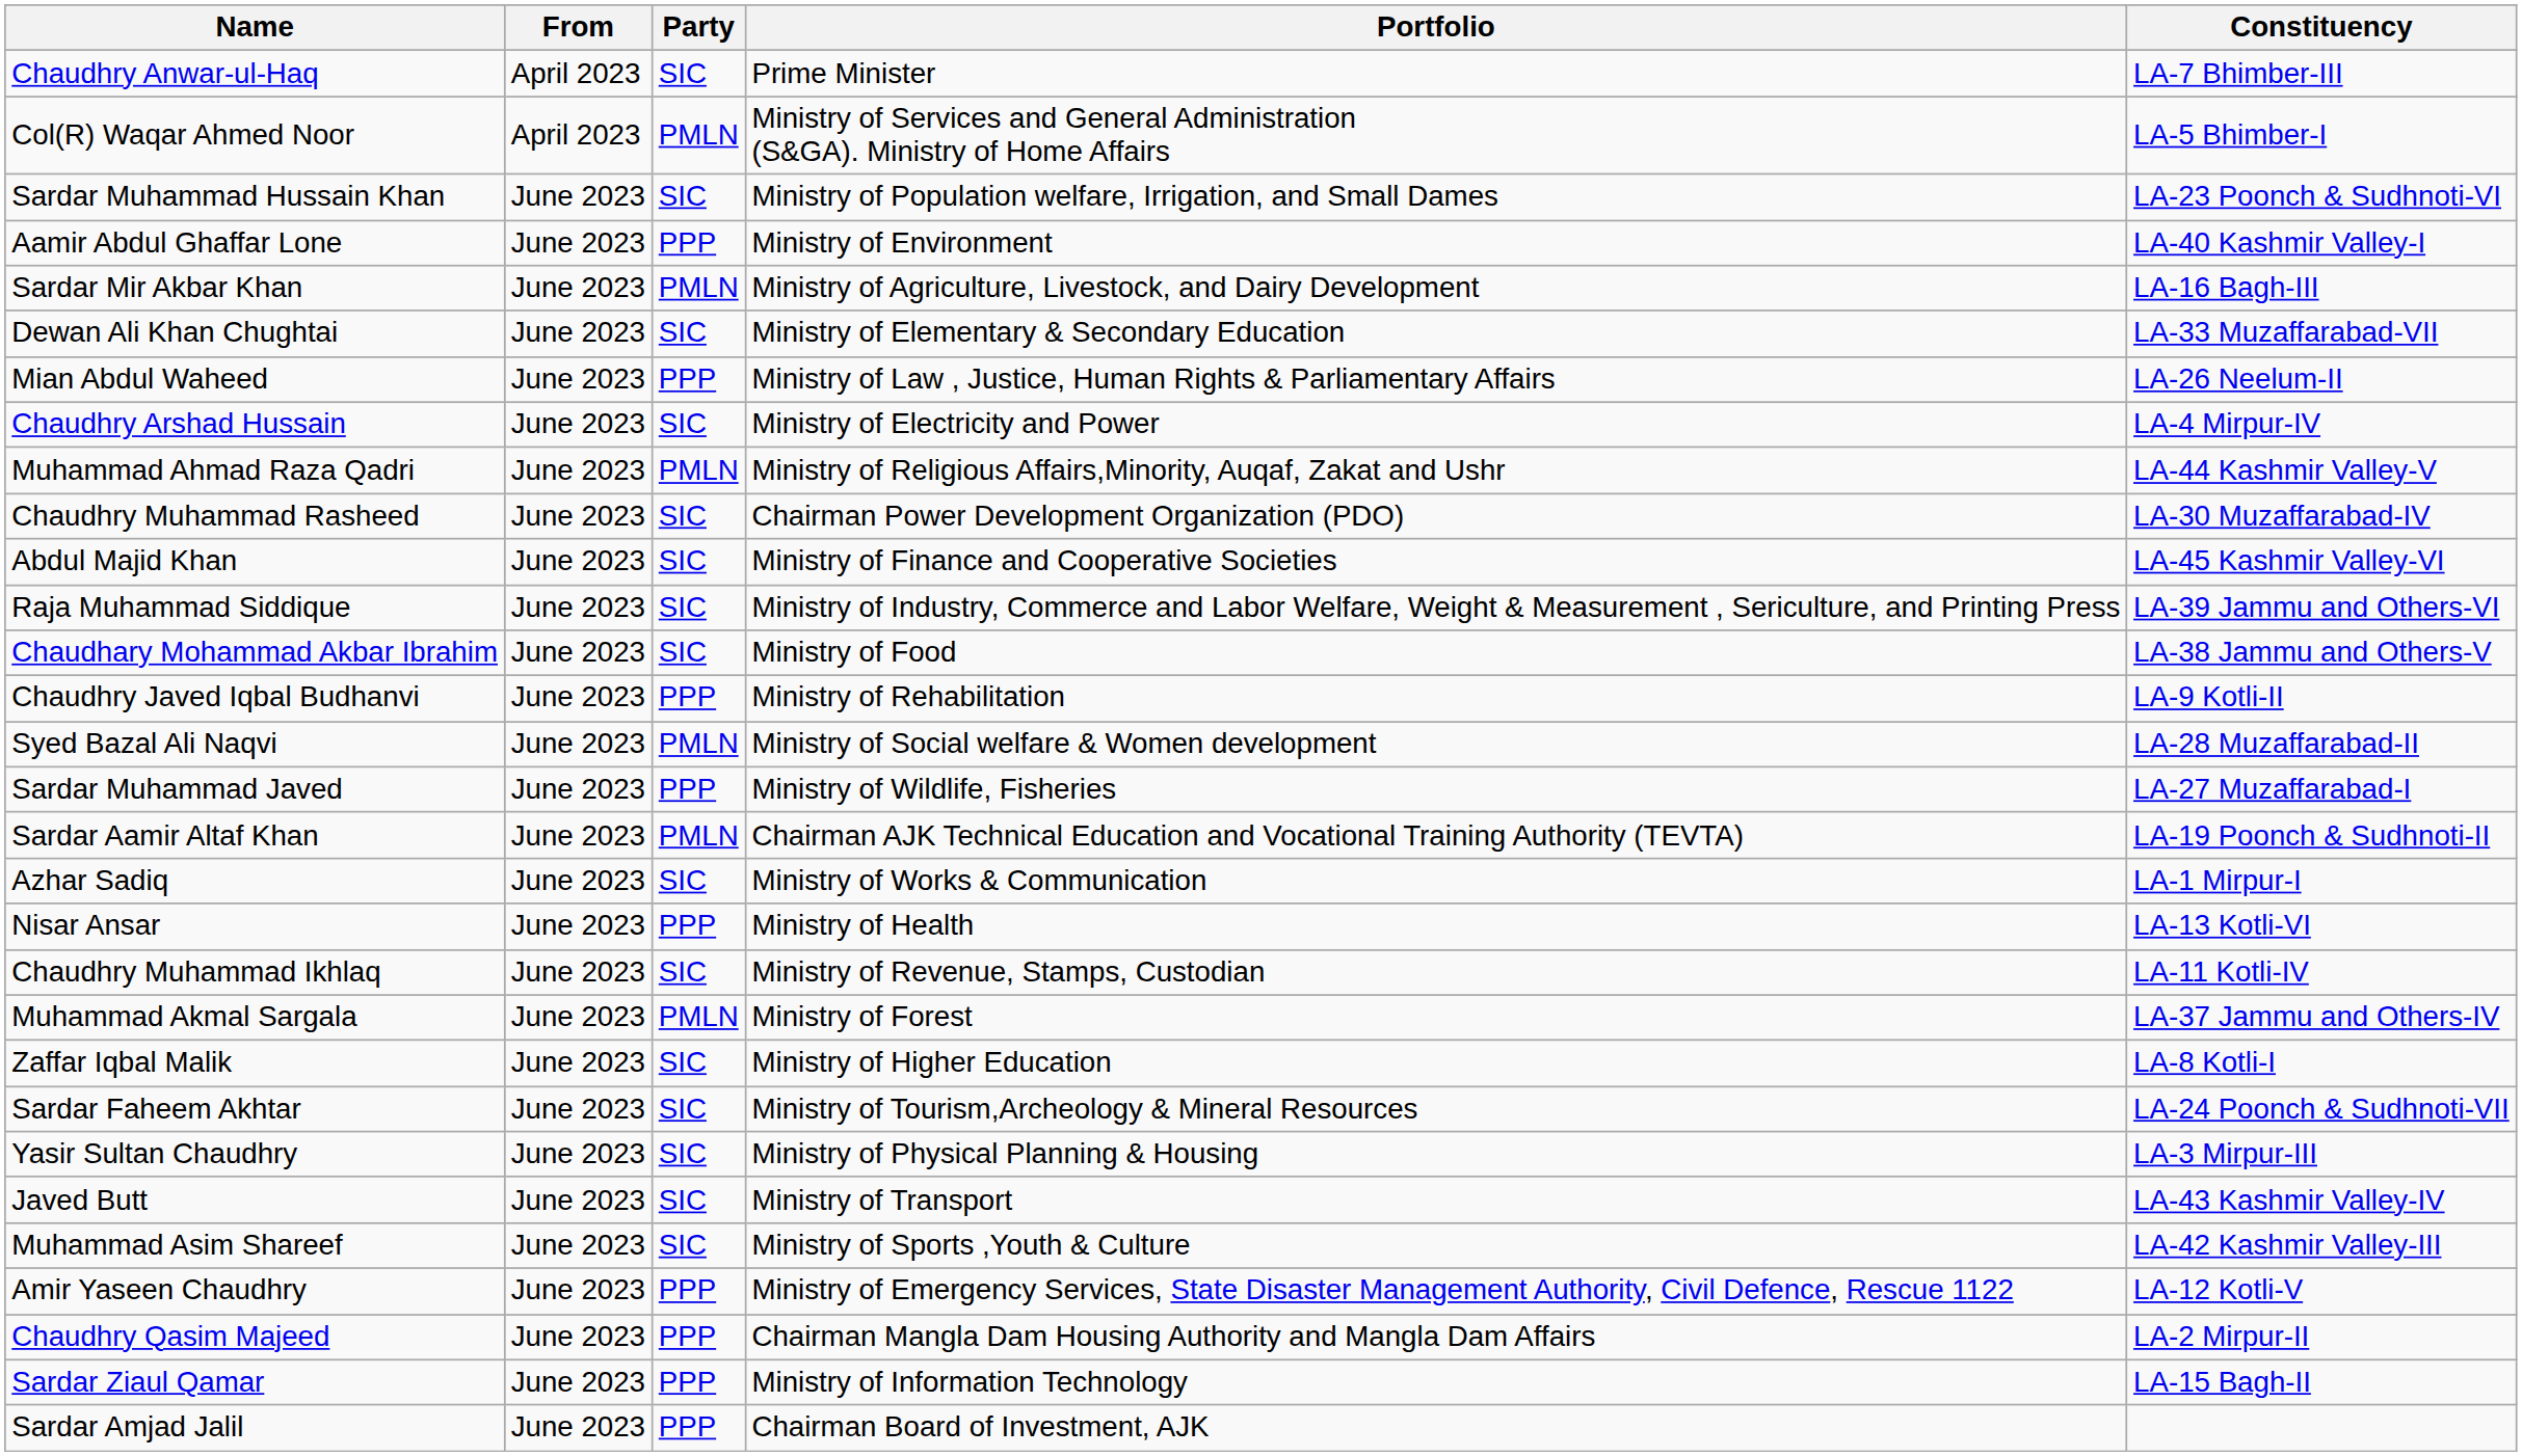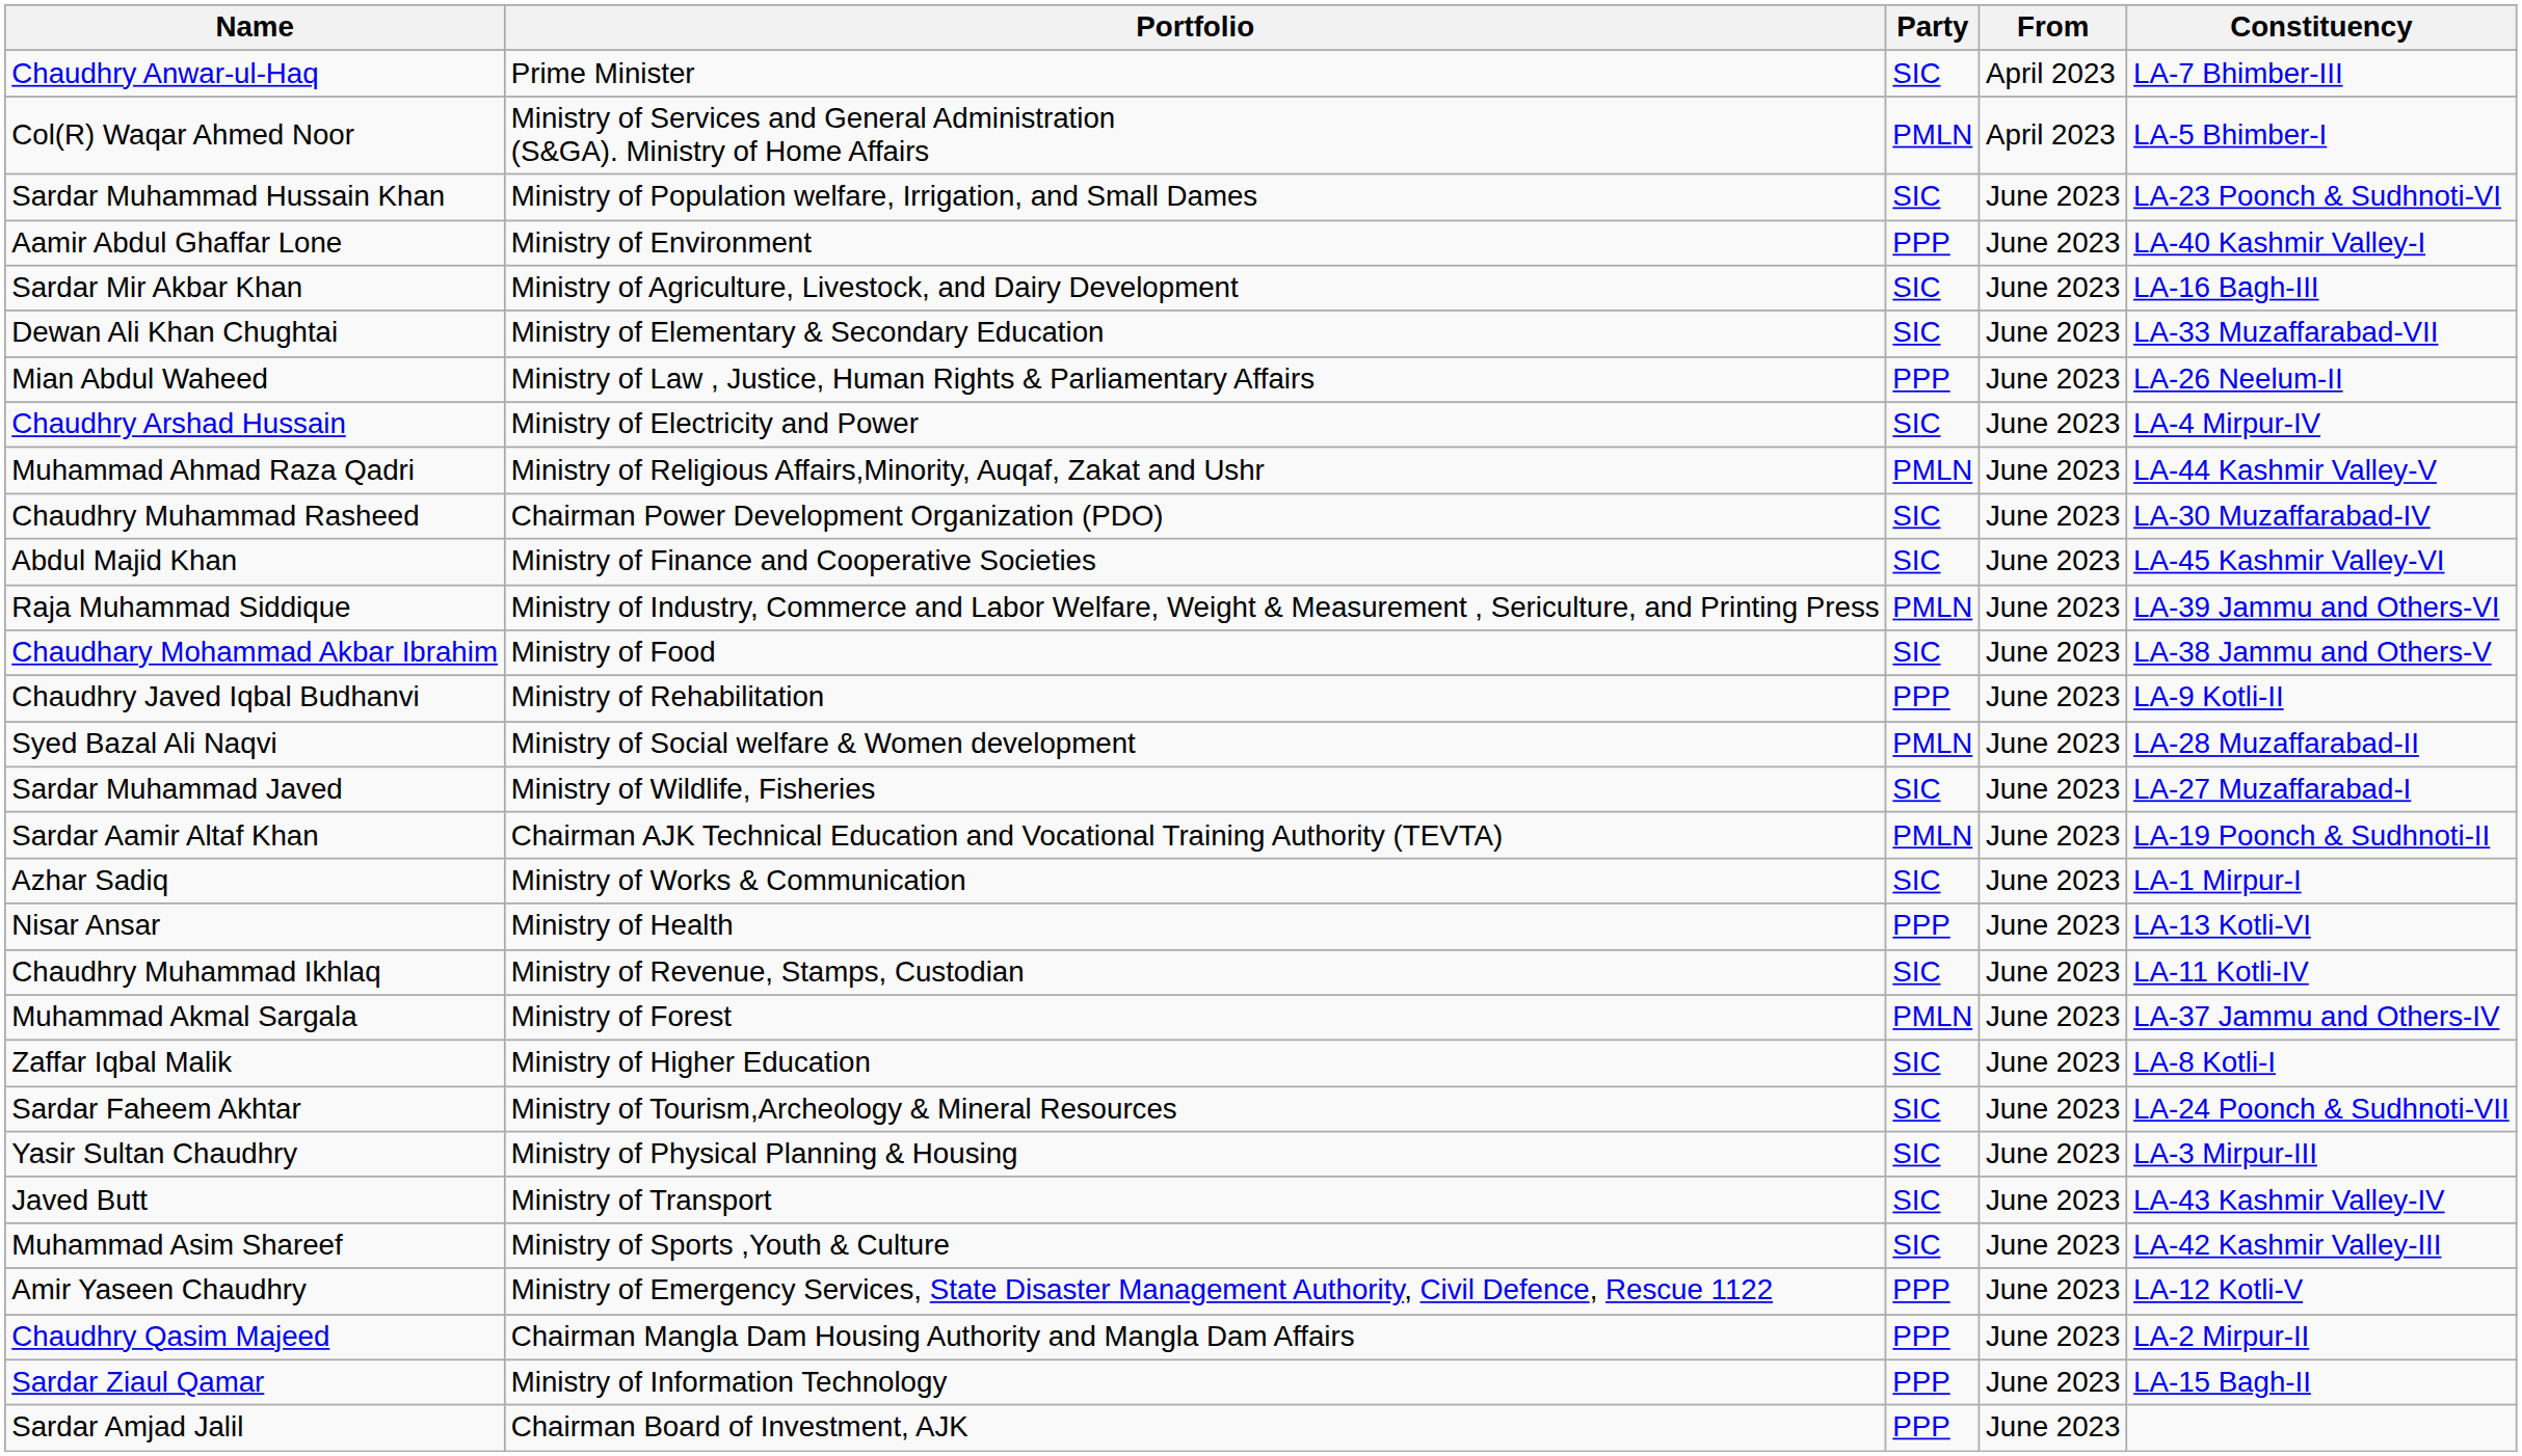 <table class="wikitable">
 <tr>
 <th>Name</th>
+<th>Portfolio</th>
+<th>Party</th>
 <th>From</th>
-<th>Party</th>
-<th>Portfolio</th>
 <th>Constituency</th>
 </tr>
 <tr>
 <td><a href='#'>Chaudhry Anwar-ul-Haq</a></td>
+<td>Prime Minister</td>
+<td><a href='#'>SIC</a></td>
 <td>April 2023</td>
-<td><a href='#'>SIC</a></td>
-<td>Prime Minister</td>
 <td><a href='#'>LA-7 Bhimber-III</a></td>
 </tr>
 <tr>
 <td>Col(R) Waqar Ahmed Noor</td>
+<td>Ministry of Services and General Administration<br>(S&GA). Ministry of Home Affairs</td>
+<td><a href='#'>PMLN</a></td>
 <td>April 2023</td>
-<td><a href='#'>PMLN</a></td>
-<td>Ministry of Services and General Administration<br>(S&GA). Ministry of Home Affairs</td>
 <td><a href='#'>LA-5 Bhimber-I</a></td>
 </tr>
 <tr>
 <td>Sardar Muhammad Hussain Khan</td>
+<td>Ministry of Population welfare, Irrigation, and Small Dames</td>
+<td><a href='#'>SIC</a></td>
 <td>June 2023</td>
-<td><a href='#'>SIC</a></td>
-<td>Ministry of Population welfare, Irrigation, and Small Dames</td>
 <td><a href='#'>LA-23 Poonch & Sudhnoti-VI</a></td>
 </tr>
 <tr>
 <td>Aamir Abdul Ghaffar Lone</td>
+<td>Ministry of Environment</td>
+<td><a href='#'>PPP</a></td>
 <td>June 2023</td>
-<td><a href='#'>PPP</a></td>
-<td>Ministry of Environment</td>
 <td><a href='#'>LA-40 Kashmir Valley-I</a></td>
 </tr>
 <tr>
 <td>Sardar Mir Akbar Khan</td>
+<td>Ministry of Agriculture, Livestock, and Dairy Development</td>
+<td><a href='#'>SIC</a></td>
 <td>June 2023</td>
-<td><a href='#'>PMLN</a></td>
-<td>Ministry of Agriculture, Livestock, and Dairy Development</td>
 <td><a href='#'>LA-16 Bagh-III</a></td>
 </tr>
 <tr>
 <td>Dewan Ali Khan Chughtai</td>
+<td>Ministry of Elementary & Secondary Education</td>
+<td><a href='#'>SIC</a></td>
 <td>June 2023</td>
-<td><a href='#'>SIC</a></td>
-<td>Ministry of Elementary & Secondary Education</td>
 <td><a href='#'>LA-33 Muzaffarabad-VII</a></td>
 </tr>
 <tr>
 <td>Mian Abdul Waheed</td>
+<td>Ministry of Law , Justice, Human Rights & Parliamentary Affairs</td>
+<td><a href='#'>PPP</a></td>
 <td>June 2023</td>
-<td><a href='#'>PPP</a></td>
-<td>Ministry of Law , Justice, Human Rights & Parliamentary Affairs</td>
 <td><a href='#'>LA-26 Neelum-II</a></td>
 </tr>
 <tr>
 <td><a href='#'>Chaudhry Arshad Hussain</a></td>
+<td>Ministry of Electricity and Power</td>
+<td><a href='#'>SIC</a></td>
 <td>June 2023</td>
-<td><a href='#'>SIC</a></td>
-<td>Ministry of Electricity and Power</td>
 <td><a href='#'>LA-4 Mirpur-IV</a></td>
 </tr>
 <tr>
 <td>Muhammad Ahmad Raza Qadri</td>
+<td>Ministry of Religious Affairs,Minority, Auqaf, Zakat and Ushr</td>
+<td><a href='#'>PMLN</a></td>
 <td>June 2023</td>
-<td><a href='#'>PMLN</a></td>
-<td>Ministry of Religious Affairs,Minority, Auqaf, Zakat and Ushr</td>
 <td><a href='#'>LA-44 Kashmir Valley-V</a></td>
 </tr>
 <tr>
 <td>Chaudhry Muhammad Rasheed</td>
+<td>Chairman Power Development Organization (PDO)</td>
+<td><a href='#'>SIC</a></td>
 <td>June 2023</td>
-<td><a href='#'>SIC</a></td>
-<td>Chairman Power Development Organization (PDO)</td>
 <td><a href='#'>LA-30 Muzaffarabad-IV</a></td>
 </tr>
 <tr>
 <td>Abdul Majid Khan</td>
+<td>Ministry of Finance and Cooperative Societies</td>
+<td><a href='#'>SIC</a></td>
 <td>June 2023</td>
-<td><a href='#'>SIC</a></td>
-<td>Ministry of Finance and Cooperative Societies</td>
 <td><a href='#'>LA-45 Kashmir Valley-VI</a></td>
 </tr>
 <tr>
 <td>Raja Muhammad Siddique</td>
+<td>Ministry of Industry, Commerce and Labor Welfare, Weight & Measurement , Sericulture, and Printing Press</td>
+<td><a href='#'>PMLN</a></td>
 <td>June 2023</td>
-<td><a href='#'>SIC</a></td>
-<td>Ministry of Industry, Commerce and Labor Welfare, Weight & Measurement , Sericulture, and Printing Press</td>
 <td><a href='#'>LA-39 Jammu and Others-VI</a></td>
 </tr>
 <tr>
 <td><a href='#'>Chaudhary Mohammad Akbar Ibrahim</a></td>
+<td>Ministry of Food</td>
+<td><a href='#'>SIC</a></td>
 <td>June 2023</td>
-<td><a href='#'>SIC</a></td>
-<td>Ministry of Food</td>
 <td><a href='#'>LA-38 Jammu and Others-V</a></td>
 </tr>
 <tr>
 <td>Chaudhry Javed Iqbal Budhanvi</td>
+<td>Ministry of Rehabilitation</td>
+<td><a href='#'>PPP</a></td>
 <td>June 2023</td>
-<td><a href='#'>PPP</a></td>
-<td>Ministry of Rehabilitation</td>
 <td><a href='#'>LA-9 Kotli-II</a></td>
 </tr>
 <tr>
 <td>Syed Bazal Ali Naqvi</td>
+<td>Ministry of Social welfare & Women development</td>
+<td><a href='#'>PMLN</a></td>
 <td>June 2023</td>
-<td><a href='#'>PMLN</a></td>
-<td>Ministry of Social welfare & Women development</td>
 <td><a href='#'>LA-28 Muzaffarabad-II</a></td>
 </tr>
 <tr>
 <td>Sardar Muhammad Javed</td>
+<td>Ministry of Wildlife, Fisheries</td>
+<td><a href='#'>SIC</a></td>
 <td>June 2023</td>
-<td><a href='#'>PPP</a></td>
-<td>Ministry of Wildlife, Fisheries</td>
 <td><a href='#'>LA-27 Muzaffarabad-I</a></td>
 </tr>
 <tr>
 <td>Sardar Aamir Altaf Khan</td>
+<td>Chairman AJK Technical Education and Vocational Training Authority (TEVTA)</td>
+<td><a href='#'>PMLN</a></td>
 <td>June 2023</td>
-<td><a href='#'>PMLN</a></td>
-<td>Chairman AJK Technical Education and Vocational Training Authority (TEVTA)</td>
 <td><a href='#'>LA-19 Poonch & Sudhnoti-II</a></td>
 </tr>
 <tr>
 <td>Azhar Sadiq</td>
+<td>Ministry of Works & Communication</td>
+<td><a href='#'>SIC</a></td>
 <td>June 2023</td>
-<td><a href='#'>SIC</a></td>
-<td>Ministry of Works & Communication</td>
 <td><a href='#'>LA-1 Mirpur-I</a></td>
 </tr>
 <tr>
 <td>Nisar Ansar</td>
+<td>Ministry of Health</td>
+<td><a href='#'>PPP</a></td>
 <td>June 2023</td>
-<td><a href='#'>PPP</a></td>
-<td>Ministry of Health</td>
 <td><a href='#'>LA-13 Kotli-VI</a></td>
 </tr>
 <tr>
 <td>Chaudhry Muhammad Ikhlaq</td>
+<td>Ministry of Revenue, Stamps, Custodian</td>
+<td><a href='#'>SIC</a></td>
 <td>June 2023</td>
-<td><a href='#'>SIC</a></td>
-<td>Ministry of Revenue, Stamps, Custodian</td>
 <td><a href='#'>LA-11 Kotli-IV</a></td>
 </tr>
 <tr>
 <td>Muhammad Akmal Sargala</td>
+<td>Ministry of Forest</td>
+<td><a href='#'>PMLN</a></td>
 <td>June 2023</td>
-<td><a href='#'>PMLN</a></td>
-<td>Ministry of Forest</td>
 <td><a href='#'>LA-37 Jammu and Others-IV</a></td>
 </tr>
 <tr>
 <td>Zaffar Iqbal Malik</td>
+<td>Ministry of Higher Education</td>
+<td><a href='#'>SIC</a></td>
 <td>June 2023</td>
-<td><a href='#'>SIC</a></td>
-<td>Ministry of Higher Education</td>
 <td><a href='#'>LA-8 Kotli-I</a></td>
 </tr>
 <tr>
 <td>Sardar Faheem Akhtar</td>
+<td>Ministry of Tourism,Archeology & Mineral Resources</td>
+<td><a href='#'>SIC</a></td>
 <td>June 2023</td>
-<td><a href='#'>SIC</a></td>
-<td>Ministry of Tourism,Archeology & Mineral Resources</td>
 <td><a href='#'>LA-24 Poonch & Sudhnoti-VII</a></td>
 </tr>
 <tr>
 <td>Yasir Sultan Chaudhry</td>
+<td>Ministry of Physical Planning & Housing</td>
+<td><a href='#'>SIC</a></td>
 <td>June 2023</td>
-<td><a href='#'>SIC</a></td>
-<td>Ministry of Physical Planning & Housing</td>
 <td><a href='#'>LA-3 Mirpur-III</a></td>
 </tr>
 <tr>
 <td>Javed Butt</td>
+<td>Ministry of Transport</td>
+<td><a href='#'>SIC</a></td>
 <td>June 2023</td>
-<td><a href='#'>SIC</a></td>
-<td>Ministry of Transport</td>
 <td><a href='#'>LA-43 Kashmir Valley-IV</a></td>
 </tr>
 <tr>
 <td>Muhammad Asim Shareef</td>
+<td>Ministry of Sports ,Youth & Culture</td>
+<td><a href='#'>SIC</a></td>
 <td>June 2023</td>
-<td><a href='#'>SIC</a></td>
-<td>Ministry of Sports ,Youth & Culture</td>
 <td><a href='#'>LA-42 Kashmir Valley-III</a></td>
 </tr>
 <tr>
 <td>Amir Yaseen Chaudhry</td>
+<td>Ministry of Emergency Services, <a href='#'>State Disaster Management Authority</a>, <a href='#'>Civil Defence</a>, <a href='#'>Rescue 1122</a></td>
+<td><a href='#'>PPP</a></td>
 <td>June 2023</td>
-<td><a href='#'>PPP</a></td>
-<td>Ministry of Emergency Services, <a href='#'>State Disaster Management Authority</a>, <a href='#'>Civil Defence</a>, <a href='#'>Rescue 1122</a></td>
 <td><a href='#'>LA-12 Kotli-V</a></td>
 </tr>
 <tr>
 <td><a href='#'>Chaudhry Qasim Majeed</a></td>
+<td>Chairman Mangla Dam Housing Authority and Mangla Dam Affairs</td>
+<td><a href='#'>PPP</a></td>
 <td>June 2023</td>
-<td><a href='#'>PPP</a></td>
-<td>Chairman Mangla Dam Housing Authority and Mangla Dam Affairs</td>
 <td><a href='#'>LA-2 Mirpur-II</a></td>
 </tr>
 <tr>
 <td><a href='#'>Sardar Ziaul Qamar</a></td>
+<td>Ministry of Information Technology</td>
+<td><a href='#'>PPP</a></td>
 <td>June 2023</td>
-<td><a href='#'>PPP</a></td>
-<td>Ministry of Information Technology</td>
 <td><a href='#'>LA-15 Bagh-II</a></td>
 </tr>
 <tr>
 <td>Sardar Amjad Jalil</td>
+<td>Chairman Board of Investment, AJK</td>
+<td><a href='#'>PPP</a></td>
 <td>June 2023</td>
-<td><a href='#'>PPP</a></td>
-<td>Chairman Board of Investment, AJK</td>
 <td></td>
 </tr>
 </table>
